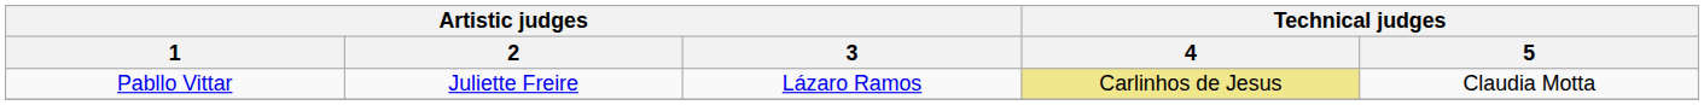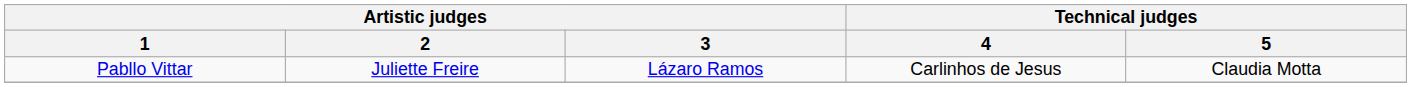 <table class="wikitable" style="font-size:100%; line-height:16px; text-align:center" width="100%">
 <tr TBA>
 <th colspan=3>Artistic judges</th>
 <th colspan=2>Technical judges</th>
 </tr>
 <tr>
 <th width="20.0%">1</th>
 <th width="20.0%">2</th>
 <th width="20.0%">3</th>
 <th width="20.0%">4</th>
 <th width="20.0%">5</th>
 </tr>
 <tr>
 <td><a href='#'>Pabllo Vittar</a></td>
 <td><a href='#'>Juliette Freire</a></td>
 <td><a href='#'>Lázaro Ramos</a></td>
-<td style="background: khaki;">Carlinhos de Jesus</td>
+<td>Carlinhos de Jesus</td>
 <td>Claudia Motta</td>
 </tr>
 <tr>
 </tr>
 </table>
